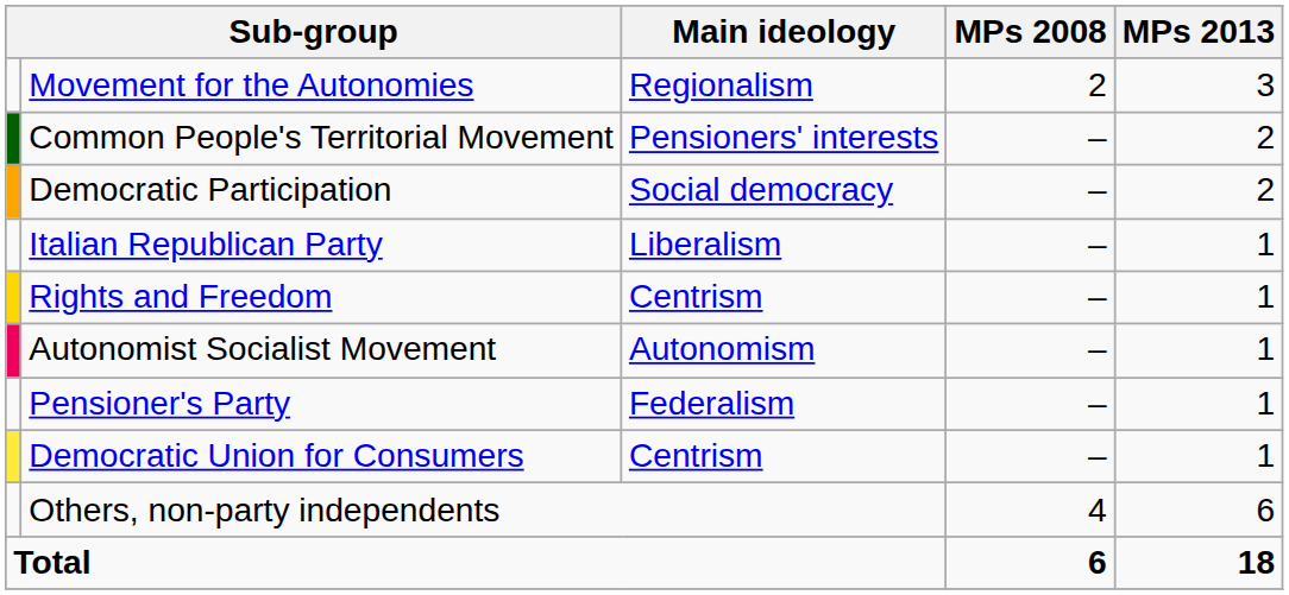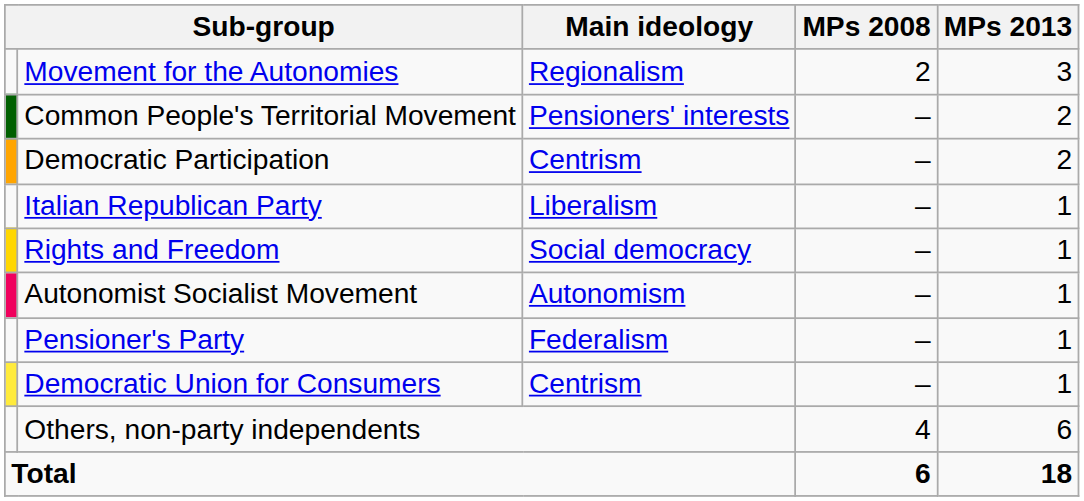 <table class="wikitable" style="font-size:100%">
 <tr>
 <th colspan=2>Sub-group</th>
 <th>Main ideology</th>
 <th>MPs 2008</th>
 <th>MPs 2013</th>
 </tr>
 <tr>
 <td></td>
 <td><a href='#'>Movement for the Autonomies</a></td>
 <td><a href='#'>Regionalism</a></td>
 <td align=right>2</td>
 <td align=right>3</td>
 </tr>
 <tr>
 <td bgcolor="#006000"></td>
 <td>Common People's Territorial Movement</td>
 <td><a href='#'>Pensioners' interests</a></td>
 <td align=right>–</td>
 <td align=right>2</td>
 </tr>
 <tr>
 <td bgcolor="orange"></td>
 <td>Democratic Participation</td>
-<td><a href='#'>Social democracy</a></td>
+<td><a href='#'>Centrism</a></td>
 <td align=right>–</td>
 <td align=right>2</td>
 </tr>
 <tr>
 <td></td>
 <td><a href='#'>Italian Republican Party</a></td>
 <td><a href='#'>Liberalism</a></td>
 <td align=right>–</td>
 <td align=right>1</td>
 </tr>
 <tr>
 <td bgcolor="gold"></td>
 <td><a href='#'>Rights and Freedom</a></td>
-<td><a href='#'>Centrism</a></td>
+<td><a href='#'>Social democracy</a></td>
 <td align=right>–</td>
 <td align=right>1</td>
 </tr>
 <tr>
 <td bgcolor="#F0005D"></td>
 <td>Autonomist Socialist Movement</td>
 <td><a href='#'>Autonomism</a></td>
 <td align=right>–</td>
 <td align=right>1</td>
 </tr>
 <tr>
 <td></td>
 <td><a href='#'>Pensioner's Party</a></td>
 <td><a href='#'>Federalism</a></td>
 <td align=right>–</td>
 <td align=right>1</td>
 </tr>
 <tr>
 <td bgcolor="#FFEB3B"></td>
 <td><a href='#'>Democratic Union for Consumers</a></td>
 <td><a href='#'>Centrism</a></td>
 <td align=right>–</td>
 <td align=right>1</td>
 </tr>
 <tr>
 <td></td>
 <td colspan=2>Others, non-party independents</td>
 <td align=right>4</td>
 <td align=right>6</td>
 </tr>
 <tr>
 <td colspan=3><strong>Total</strong></td>
 <td align=right><strong>6</strong></td>
 <td align=right><strong>18</strong></td>
 </tr>
 </table>
